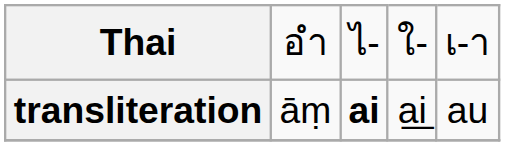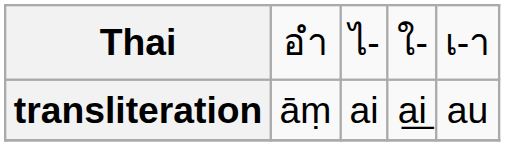 <table class="wikitable" style="text-align: center">
 <tr>
 <th>Thai</th>
 <td>อำ</td>
 <td>ไ-</td>
 <td>ใ-</td>
 <td>เ-า</td>
 </tr>
 <tr>
 <th>transliteration</th>
 <td>āṃ</td>
-<td><strong>ai</strong></td>
+<td>ai</td>
 <td>a͟i</td>
 <td>au</td>
 </tr>
 <tr>
 </tr>
 </table>
